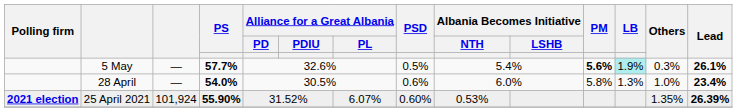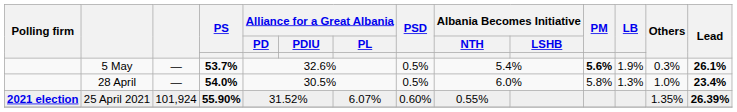 <table class="wikitable sortable tpl-blanktablele" style="text-align:center;font-size:90%;line-height:14px;">
 <tr style="height:40px;">
 <th rowspan="3">Polling firm</th>
 <th rowspan="3"></th>
 <th rowspan="3"></th>
 <th class="unsortable" style="width:40px;" rowspan=2><a href='#'>PS</a></th>
 <th colspan=3><a href='#'>Alliance for a Great Albania</a></th>
 <th class="unsortable" style="width:40px;" rowspan=2><a href='#'>PSD</a></th>
 <th colspan=2>Albania Becomes Initiative</th>
 <th rowspan="2" class="unsortable" style="width:30px;"><a href='#'>PM</a></th>
 <th rowspan="2" class="unsortable" style="width:30px;"><a href='#'>LB</a></th>
 <th class="unsortable" style="width:30px;"  rowspan=3>Others</th>
 <th style="width:30px;" rowspan=3><br>Lead</th>
 </tr>
 <tr>
 <th><a href='#'>PD</a></th>
 <th><a href='#'>PDIU</a></th>
 <th><a href='#'>PL</a></th>
 <th><a href='#'>NTH</a></th>
 <th><a href='#'>LSHB</a></th>
 </tr>
 <tr>
 <th style="background:"></th>
 <th style="background:"></th>
 <th style="background:"></th>
 <th style="background:"></th>
 <th style="background:"></th>
 <th style="background:"></th>
 <th style="background:"></th>
 <th style="background:"></th>
 <th style="background:"></th>
 </tr>
 <tr>
 <td></td>
 <td>5 May</td>
 <td>—</td>
-<td><strong>57.7%</strong><br></td>
+<td><strong>53.7%</strong><br></td>
 <td colspan="3">32.6%<br> </td>
 <td>0.5%<br> </td>
 <td colspan="2">5.4%<br> </td>
 <td><strong>5.6%<br> </strong></td>
-<td style="background: paleturquoise;">1.9%<br> </td>
+<td>1.9%<br> </td>
 <td>0.3%</td>
 <td style="background:"><strong>26.1%</strong></td>
 </tr>
 <tr>
 <td></td>
 <td>28 April</td>
 <td>—</td>
 <td><strong>54.0%</strong><br> </td>
 <td colspan="3">30.5%<br> </td>
-<td>0.6%<br> </td>
+<td>0.5%<br> </td>
 <td colspan="2">6.0%<br> </td>
 <td>5.8%<br> </td>
 <td>1.3%<br> </td>
 <td>1.0%</td>
 <td style="background:"><strong>23.4%</strong></td>
 </tr>
 <tr style="background:#EFEFEF">
 <td><strong><a href='#'>2021 election</a></strong></td>
 <td>25 April 2021</td>
 <td>101,924</td>
 <td><strong>55.90%</strong> <br> </td>
 <td colspan="2">31.52%<br> </td>
 <td>6.07%<br> </td>
 <td>0.60%<br> </td>
-<td>0.53%<br> </td>
+<td>0.55%<br> </td>
 <td></td>
 <td></td>
 <td></td>
 <td>1.35%</td>
 <td style="background:"><strong>26.39%</strong></td>
 </tr>
 <tr>
 </tr>
 </table>
